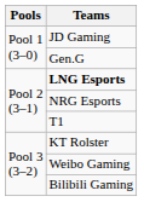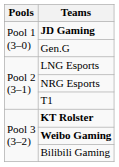 <table class="wikitable">
 <tr>
 <th colspan="2">Pools</th>
 <th>Teams</th>
 </tr>
 <tr>
 <td colspan="2" rowspan="2">Pool 1<br>(3–0)</td>
-<td>JD Gaming</td>
+<td><strong>JD Gaming</strong></td>
 </tr>
 <tr>
 <td>Gen.G</td>
 </tr>
 <tr>
 <td colspan="2" rowspan="3">Pool 2<br>(3–1)</td>
-<td><strong>LNG Esports</strong></td>
+<td>LNG Esports</td>
 </tr>
 <tr>
 <td>NRG Esports</td>
 </tr>
 <tr>
 <td>T1</td>
 </tr>
 <tr>
 <td colspan="2" rowspan="3">Pool 3<br>(3–2)</td>
-<td>KT Rolster</td>
+<td><strong>KT Rolster</strong></td>
 </tr>
 <tr>
-<td>Weibo Gaming</td>
+<td><strong>Weibo Gaming</strong></td>
 </tr>
 <tr>
 <td>Bilibili Gaming</td>
 </tr>
 </table>
